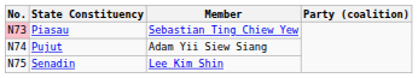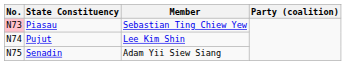 <table class="wikitable">
 <tr>
 <th>No.</th>
 <th>State Constituency</th>
 <th>Member</th>
 <th>Party (coalition)</th>
 </tr>
 <tr>
 <td style="background: pink;">N73</td>
 <td><a href='#'>Piasau</a></td>
 <td><a href='#'>Sebastian Ting Chiew Yew</a></td>
 <td rowspan=3></td>
 </tr>
 <tr>
 <td>N74</td>
 <td><a href='#'>Pujut</a></td>
-<td>Adam Yii Siew Siang</td>
+<td><a href='#'>Lee Kim Shin</a></td>
 </tr>
 <tr>
 <td>N75</td>
 <td><a href='#'>Senadin</a></td>
-<td><a href='#'>Lee Kim Shin</a></td>
+<td>Adam Yii Siew Siang</td>
 </tr>
 </table>
